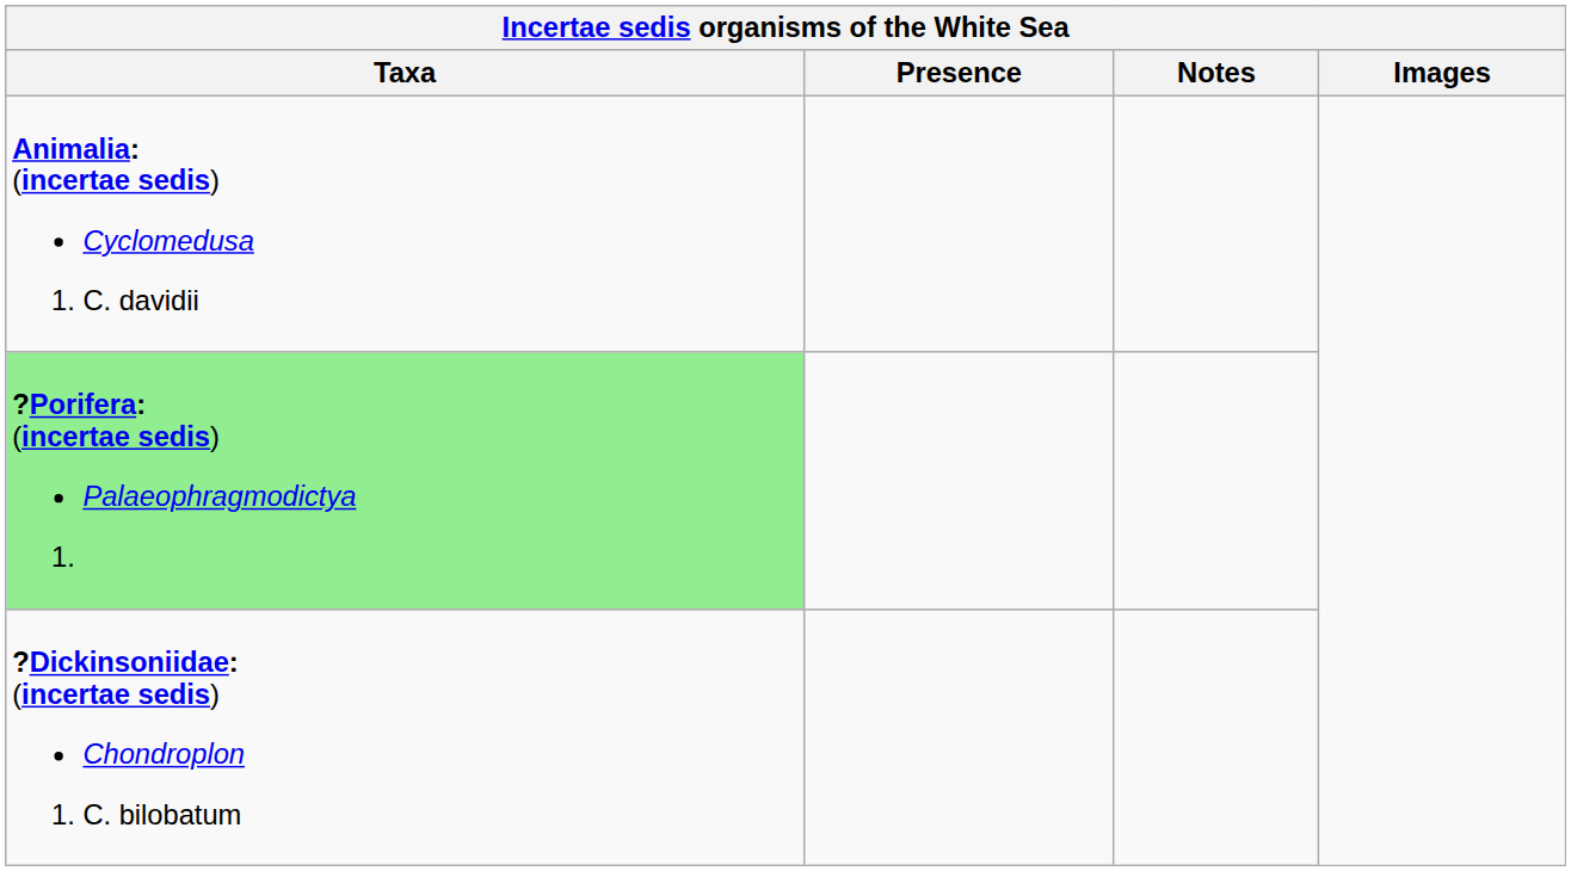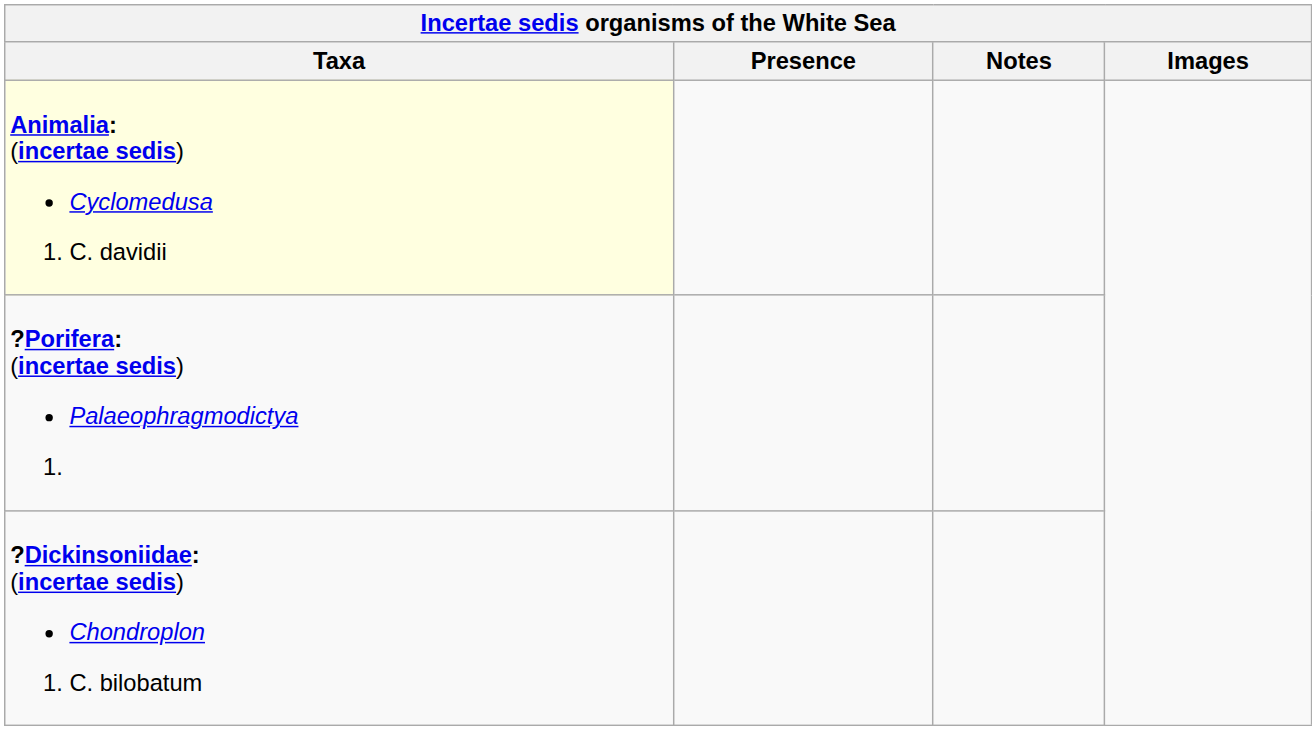 <table class="wikitable" align="center" width="100%">
 <tr>
 <th colspan="5" align="center"><strong><a href='#'>Incertae sedis</a> organisms of the White Sea</strong></th>
 </tr>
 <tr>
 <th>Taxa</th>
 <th>Presence</th>
 <th>Notes</th>
 <th>Images</th>
 </tr>
 <tr>
-<td><br><strong><a href='#'>Animalia</a>:</strong><br>(<strong><a href='#'>incertae sedis</a></strong>)<ul><li><em><a href='#'>Cyclomedusa</a></em></li></ul><ol><li>C. davidii</li></ol></td>
+<td style="background: lightyellow;"><br><strong><a href='#'>Animalia</a>:</strong><br>(<strong><a href='#'>incertae sedis</a></strong>)<ul><li><em><a href='#'>Cyclomedusa</a></em></li></ul><ol><li>C. davidii</li></ol></td>
 <td></td>
 <td></td>
 <td rowspan="99"><br></td>
 </tr>
 <tr>
-<td style="background: lightgreen;"><br><strong>?<a href='#'>Porifera</a>:</strong><br>(<strong><a href='#'>incertae sedis</a></strong>)<ul><li><em><a href='#'>Palaeophragmodictya</a></em></li></ul><ol><li></li></ol></td>
+<td><br><strong>?<a href='#'>Porifera</a>:</strong><br>(<strong><a href='#'>incertae sedis</a></strong>)<ul><li><em><a href='#'>Palaeophragmodictya</a></em></li></ul><ol><li></li></ol></td>
 <td></td>
 <td></td>
 </tr>
 <tr>
 <td><br><strong>?<a href='#'>Dickinsoniidae</a>:</strong><br>(<strong><a href='#'>incertae sedis</a></strong>)<ul><li><em><a href='#'>Chondroplon</a></em></li></ul><ol><li>C. bilobatum</li></ol></td>
 <td></td>
 <td></td>
 </tr>
 <tr>
 </tr>
 </table>
